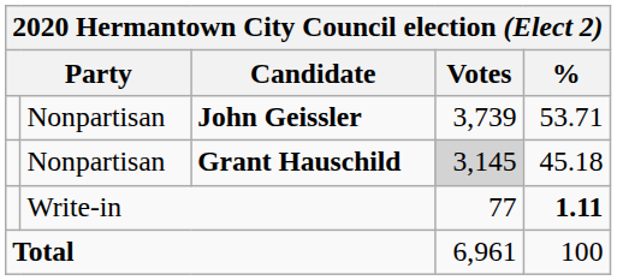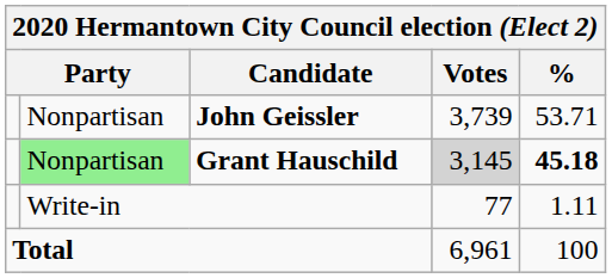 <table class="wikitable">
 <tr>
 <th colspan="6">2020 Hermantown City Council election <em>(Elect 2)</em></th>
 </tr>
 <tr>
 <th colspan="2">Party</th>
 <th>Candidate</th>
 <th>Votes</th>
 <th>%</th>
 </tr>
 <tr>
 <td style="background-color:"></td>
 <td>Nonpartisan</td>
 <td><strong>John Geissler</strong></td>
 <td align="right">3,739</td>
 <td align="right">53.71</td>
 </tr>
 <tr>
 <td style="background-color:"></td>
-<td>Nonpartisan</td>
+<td style="background: lightgreen;">Nonpartisan</td>
 <td><strong>Grant Hauschild</strong></td>
 <td align="right" style="background: lightgrey;">3,145</td>
-<td align="right">45.18</td>
+<td align="right"><strong>45.18</strong></td>
 </tr>
 <tr>
 <td style="background-color:"></td>
 <td colspan="2">Write-in</td>
 <td align="right">77</td>
-<td align="right"><strong>1.11</strong></td>
+<td align="right">1.11</td>
 </tr>
 <tr>
 <td colspan="3"><strong>Total</strong></td>
 <td align="right">6,961</td>
 <td align="right">100</td>
 </tr>
 </table>
